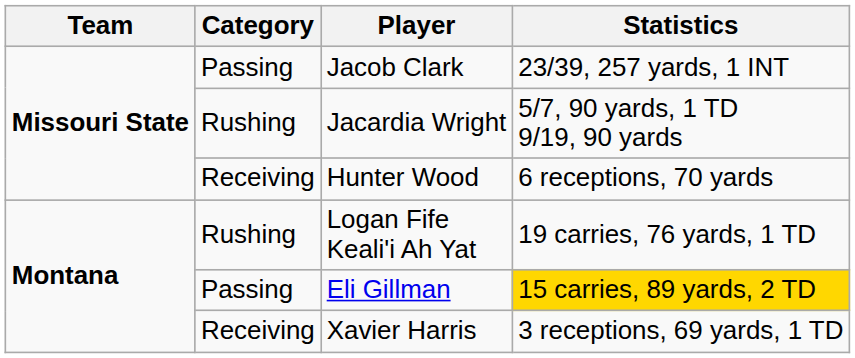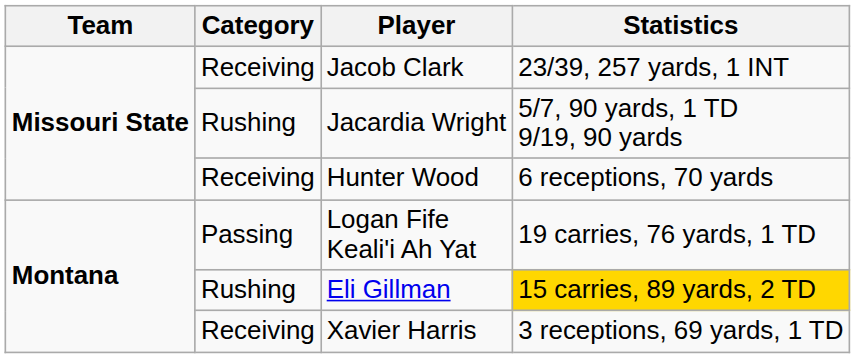 <table class="wikitable" style="float: right;">
 <tr>
 <th>Team</th>
 <th>Category</th>
 <th>Player</th>
 <th>Statistics</th>
 </tr>
 <tr>
 <td rowspan=3><strong>Missouri State</strong></td>
-<td>Passing</td>
+<td>Receiving</td>
 <td>Jacob Clark</td>
 <td>23/39, 257 yards, 1 INT</td>
 </tr>
 <tr>
 <td>Rushing</td>
 <td>Jacardia Wright</td>
 <td>5/7, 90 yards, 1 TD<br>9/19, 90 yards</td>
 </tr>
 <tr>
 <td>Receiving</td>
 <td>Hunter Wood</td>
 <td>6 receptions, 70 yards</td>
 </tr>
 <tr>
 <td rowspan=3><strong>Montana</strong></td>
-<td>Rushing</td>
+<td>Passing</td>
 <td>Logan Fife<br>Keali'i Ah Yat</td>
 <td>19 carries, 76 yards, 1 TD</td>
 </tr>
 <tr>
-<td>Passing</td>
+<td>Rushing</td>
 <td><a href='#'>Eli Gillman</a></td>
 <td style="background: gold;">15 carries, 89 yards, 2 TD</td>
 </tr>
 <tr>
 <td>Receiving</td>
 <td>Xavier Harris</td>
 <td>3 receptions, 69 yards, 1 TD</td>
 </tr>
 </table>
